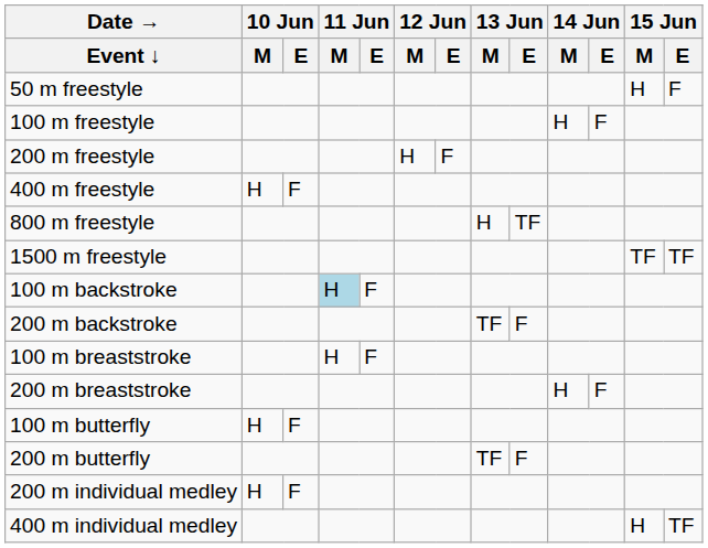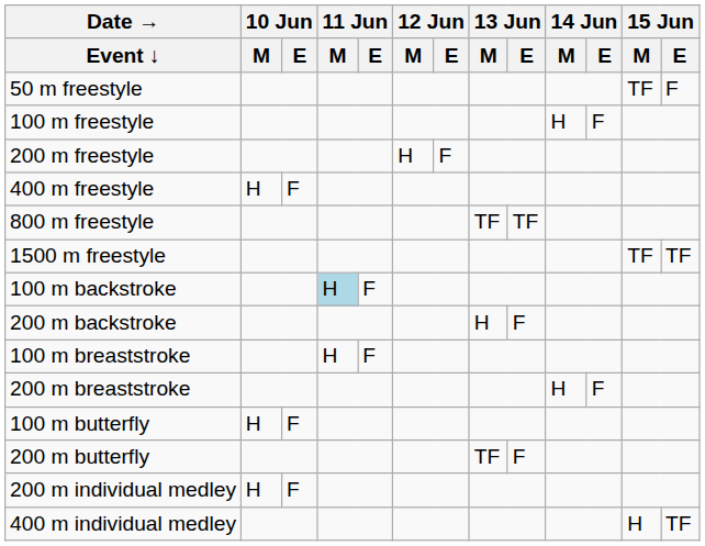 <table class="wikitable swimming-schedule" style="flex:auto 0 1">
 <tr>
 <th>Date →</th>
 <th colspan=2>10 Jun</th>
 <th colspan="2">11 Jun</th>
 <th colspan="2">12 Jun</th>
 <th colspan="2">13 Jun</th>
 <th colspan="2">14 Jun</th>
 <th colspan="2">15 Jun</th>
 </tr>
 <tr>
 <th>Event ↓</th>
 <th>M</th>
 <th>E</th>
 <th>M</th>
 <th>E</th>
 <th>M</th>
 <th>E</th>
 <th>M</th>
 <th>E</th>
 <th>M</th>
 <th>E</th>
 <th>M</th>
 <th>E</th>
 </tr>
 <tr>
 <td class=event>50 m freestyle</td>
 <td colspan=2></td>
 <td colspan=2></td>
 <td colspan=2></td>
 <td colspan=2></td>
 <td colspan=2></td>
-<td class=heats>H</td>
+<td class=final>TF</td>
 <td class=final>F</td>
 </tr>
 <tr>
 <td class=event>100 m freestyle</td>
 <td colspan=2></td>
 <td colspan=2></td>
 <td colspan=2></td>
 <td colspan=2></td>
 <td class=heats>H</td>
 <td class=final>F</td>
 <td colspan=2></td>
 </tr>
 <tr>
 <td class=event>200 m freestyle</td>
 <td colspan=2></td>
 <td colspan=2></td>
 <td class=heats>H</td>
 <td class=final>F</td>
 <td colspan=2></td>
 <td colspan=2></td>
 <td colspan=2></td>
 </tr>
 <tr>
 <td class=event>400 m freestyle</td>
 <td class=heats>H</td>
 <td class=final>F</td>
 <td colspan=2></td>
 <td colspan=2></td>
 <td colspan=2></td>
 <td colspan=2></td>
 <td colspan=2></td>
 </tr>
 <tr>
 <td class=event>800 m freestyle</td>
 <td colspan=2></td>
 <td colspan=2></td>
 <td colspan=2></td>
-<td class=heats>H</td>
+<td class=final>TF</td>
 <td class=final>TF</td>
 <td colspan=2></td>
 <td colspan=2></td>
 </tr>
 <tr>
 <td class=event>1500 m freestyle</td>
 <td colspan=2></td>
 <td colspan=2></td>
 <td colspan=2></td>
 <td colspan=2></td>
 <td colspan=2></td>
 <td class=final>TF</td>
 <td class=final>TF</td>
 </tr>
 <tr>
 <td class=event>100 m backstroke</td>
 <td colspan=2></td>
 <td class=heats style="background: lightblue;">H</td>
 <td class=final>F</td>
 <td colspan=2></td>
 <td colspan=2></td>
 <td colspan=2></td>
 <td colspan=2></td>
 </tr>
 <tr>
 <td class=event>200 m backstroke</td>
 <td colspan=2></td>
 <td colspan=2></td>
 <td colspan=2></td>
-<td class=final>TF</td>
+<td class=heats>H</td>
 <td class=final>F</td>
 <td colspan=2></td>
 <td colspan=2></td>
 </tr>
 <tr>
 <td class=event>100 m breaststroke</td>
 <td colspan=2></td>
 <td class=heats>H</td>
 <td class=final>F</td>
 <td colspan=2></td>
 <td colspan=2></td>
 <td colspan=2></td>
 <td colspan=2></td>
 </tr>
 <tr>
 <td class=event>200 m breaststroke</td>
 <td colspan=2></td>
 <td colspan=2></td>
 <td colspan=2></td>
 <td colspan=2></td>
 <td class=heats>H</td>
 <td class=final>F</td>
 <td colspan=2></td>
 </tr>
 <tr>
 <td class=event>100 m butterfly</td>
 <td class=heats>H</td>
 <td class=final>F</td>
 <td colspan=2></td>
 <td colspan=2></td>
 <td colspan=2></td>
 <td colspan=2></td>
 <td colspan=2></td>
 </tr>
 <tr>
 <td class=event>200 m butterfly</td>
 <td colspan=2></td>
 <td colspan=2></td>
 <td colspan=2></td>
 <td class=final>TF</td>
 <td class=final>F</td>
 <td colspan=2></td>
 <td colspan=2></td>
 </tr>
 <tr>
 <td class=event>200 m individual medley</td>
 <td class=heats>H</td>
 <td class=final>F</td>
 <td colspan=2></td>
 <td colspan=2></td>
 <td colspan=2></td>
 <td colspan=2></td>
 <td colspan=2></td>
 </tr>
 <tr>
 <td class=event>400 m individual medley</td>
 <td colspan=2></td>
 <td colspan=2></td>
 <td colspan=2></td>
 <td colspan=2></td>
 <td colspan=2></td>
 <td class=heats>H</td>
 <td class=final>TF</td>
 </tr>
 </table>
